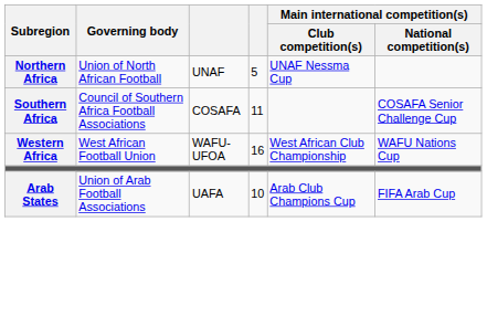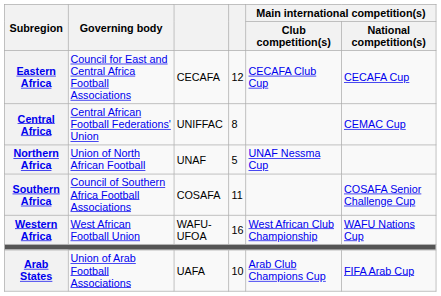 <table class="wikitable sortable" style="font-size: 95%;">
 <tr>
 <th scope="row" rowspan="2">Subregion</th>
 <th scope="row" rowspan="2">Governing body</th>
 <th scope="row" rowspan="2"></th>
 <th scope="row" rowspan="2"></th>
 <th scope="row" colspan="2">Main international competition(s)</th>
 </tr>
 <tr>
 <th scope="row">Club competition(s)</th>
 <th scope="row">National competition(s)</th>
+</tr>
+<tr>
+<th scope="row"><a href='#'>Eastern Africa</a></th>
+<td> <a href='#'>Council for East and Central Africa Football Associations</a></td>
+<td>CECAFA</td>
+<td>12</td>
+<td><a href='#'>CECAFA Club Cup</a></td>
+<td><a href='#'>CECAFA Cup</a></td>
+</tr>
+<tr>
+<th scope="row"><a href='#'>Central Africa</a></th>
+<td> <a href='#'>Central African Football Federations' Union</a></td>
+<td>UNIFFAC</td>
+<td>8</td>
+<td></td>
+<td><a href='#'>CEMAC Cup</a></td>
 </tr>
 <tr>
 <th scope="row"><a href='#'>Northern Africa</a></th>
 <td> <a href='#'>Union of North African Football</a></td>
 <td>UNAF</td>
 <td>5</td>
 <td><a href='#'>UNAF Nessma Cup</a></td>
 <td></td>
 </tr>
 <tr>
 <th scope="row"><a href='#'>Southern Africa</a></th>
 <td> <a href='#'>Council of Southern Africa Football Associations</a></td>
 <td>COSAFA</td>
 <td>11</td>
 <td></td>
 <td><a href='#'>COSAFA Senior Challenge Cup</a></td>
 </tr>
 <tr>
 <th scope="row"><a href='#'>Western Africa</a></th>
 <td> <a href='#'>West African Football Union</a></td>
 <td>WAFU-UFOA</td>
 <td>16</td>
 <td><a href='#'>West African Club Championship</a></td>
 <td><a href='#'>WAFU Nations Cup</a></td>
 </tr>
 <tr>
 <td colspan="6" style="background:#555;"></td>
 </tr>
 <tr>
 <th scope="row"><a href='#'>Arab States</a></th>
 <td> <a href='#'>Union of Arab Football Associations</a></td>
 <td>UAFA</td>
 <td>10</td>
 <td><a href='#'>Arab Club Champions Cup</a></td>
 <td><a href='#'>FIFA Arab Cup</a></td>
 </tr>
 </table>
